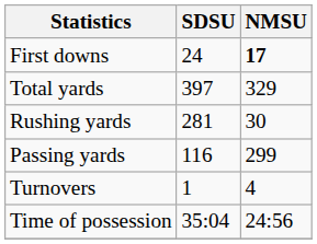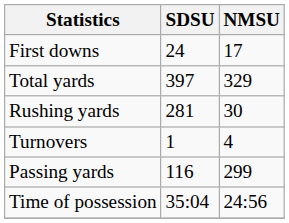 <table class="wikitable">
 <tr>
 <th>Statistics</th>
 <th>SDSU</th>
 <th>NMSU</th>
 </tr>
 <tr>
 <td>First downs</td>
 <td>24</td>
-<td><strong>17</strong></td>
+<td>17</td>
 </tr>
 <tr>
 <td>Total yards</td>
 <td>397</td>
 <td>329</td>
 </tr>
 <tr>
 <td>Rushing yards</td>
 <td>281</td>
 <td>30</td>
 </tr>
 <tr>
+<td>Turnovers</td>
+<td>1</td>
+<td>4</td>
+</tr>
+<tr>
 <td>Passing yards</td>
 <td>116</td>
 <td>299</td>
-</tr>
-<tr>
-<td>Turnovers</td>
-<td>1</td>
-<td>4</td>
 </tr>
 <tr>
 <td>Time of possession</td>
 <td>35:04</td>
 <td>24:56</td>
 </tr>
 <tr>
 </tr>
 </table>
